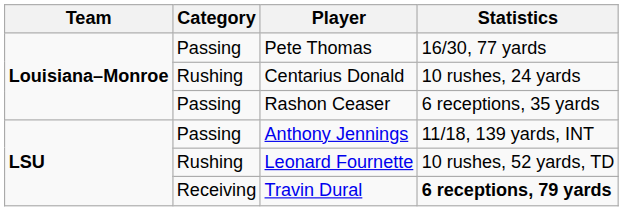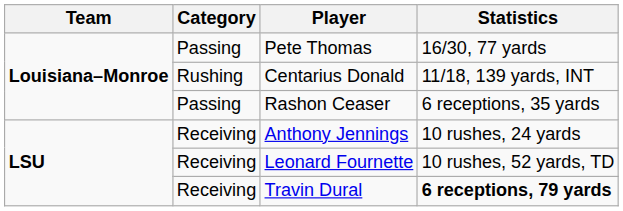 <table class="wikitable" style="float: left;">
 <tr>
 <th>Team</th>
 <th>Category</th>
 <th>Player</th>
 <th>Statistics</th>
 </tr>
 <tr>
 <td rowspan=3><strong>Louisiana–Monroe</strong></td>
 <td>Passing</td>
 <td>Pete Thomas</td>
 <td>16/30, 77 yards</td>
 </tr>
 <tr>
 <td>Rushing</td>
 <td>Centarius Donald</td>
-<td>10 rushes, 24 yards</td>
+<td>11/18, 139 yards, INT</td>
 </tr>
 <tr>
 <td>Passing</td>
 <td>Rashon Ceaser</td>
 <td>6 receptions, 35 yards</td>
 </tr>
 <tr>
 <td rowspan=3><strong>LSU</strong></td>
-<td>Passing</td>
+<td>Receiving</td>
 <td><a href='#'>Anthony Jennings</a></td>
-<td>11/18, 139 yards, INT</td>
+<td>10 rushes, 24 yards</td>
 </tr>
 <tr>
-<td>Rushing</td>
+<td>Receiving</td>
 <td><a href='#'>Leonard Fournette</a></td>
 <td>10 rushes, 52 yards, TD</td>
 </tr>
 <tr>
 <td>Receiving</td>
 <td><a href='#'>Travin Dural</a></td>
 <td><strong>6 receptions, 79 yards</strong></td>
 </tr>
 </table>
